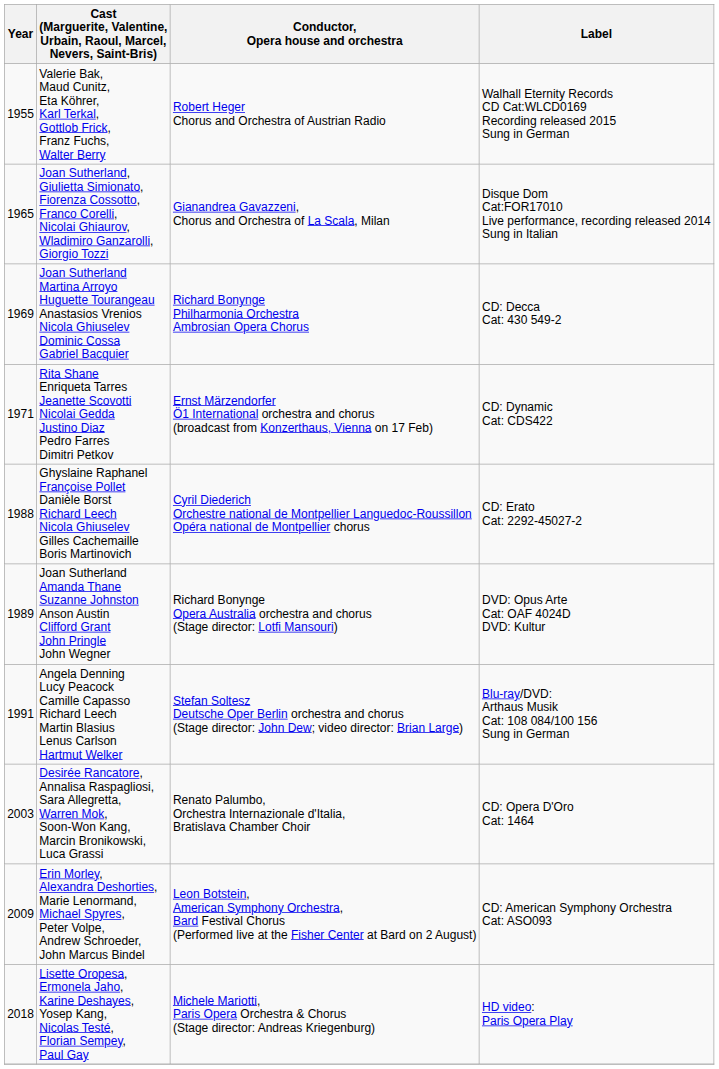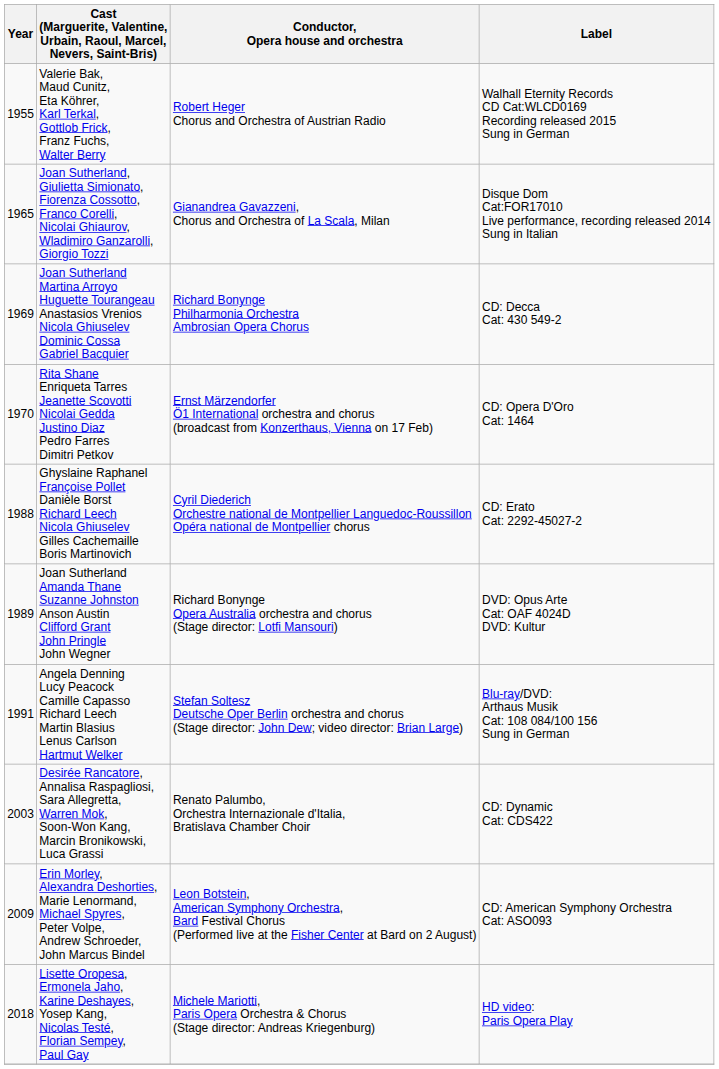 <table class="wikitable"">
 <tr>
 <th>Year</th>
 <th>Cast<br>(Marguerite, Valentine,<br>Urbain, Raoul, Marcel,<br>Nevers, Saint-Bris)</th>
 <th>Conductor,<br>Opera house and orchestra</th>
 <th>Label</th>
 </tr>
 <tr>
 <td>1955</td>
 <td>Valerie Bak,<br>Maud Cunitz,<br>Eta Köhrer,<br><a href='#'>Karl Terkal</a>,<br><a href='#'>Gottlob Frick</a>,<br>Franz Fuchs,<br><a href='#'>Walter Berry</a></td>
 <td><a href='#'>Robert Heger</a><br>Chorus and Orchestra of Austrian Radio</td>
 <td>Walhall Eternity Records<br>CD Cat:WLCD0169<br>Recording released 2015<br>Sung in German</td>
 </tr>
 <tr>
 <td>1965</td>
 <td><a href='#'>Joan Sutherland</a>,<br><a href='#'>Giulietta Simionato</a>,<br><a href='#'>Fiorenza Cossotto</a>,<br><a href='#'>Franco Corelli</a>,<br><a href='#'>Nicolai Ghiaurov</a>,<br><a href='#'>Wladimiro Ganzarolli</a>,<br><a href='#'>Giorgio Tozzi</a></td>
 <td><a href='#'>Gianandrea Gavazzeni</a>,<br>Chorus and Orchestra of <a href='#'>La Scala</a>, Milan</td>
 <td>Disque Dom<br>Cat:FOR17010<br>Live performance, recording released 2014<br>Sung in Italian</td>
 </tr>
 <tr>
 <td>1969</td>
 <td><a href='#'>Joan Sutherland</a><br><a href='#'>Martina Arroyo</a><br><a href='#'>Huguette Tourangeau</a><br>Anastasios Vrenios<br><a href='#'>Nicola Ghiuselev</a><br><a href='#'>Dominic Cossa</a><br><a href='#'>Gabriel Bacquier</a></td>
 <td><a href='#'>Richard Bonynge</a><br><a href='#'>Philharmonia Orchestra</a><br><a href='#'>Ambrosian Opera Chorus</a></td>
 <td>CD: Decca<br>Cat: 430 549-2</td>
 </tr>
 <tr>
-<td>1971</td>
+<td>1970</td>
 <td><a href='#'>Rita Shane</a><br>Enriqueta Tarres<br><a href='#'>Jeanette Scovotti</a><br><a href='#'>Nicolai Gedda</a><br><a href='#'>Justino Diaz</a><br>Pedro Farres<br>Dimitri Petkov</td>
 <td><a href='#'>Ernst Märzendorfer</a><br><a href='#'>Ö1 International</a> orchestra and chorus<br>(broadcast from <a href='#'>Konzerthaus, Vienna</a> on 17 Feb)</td>
-<td>CD: Dynamic<br> Cat: CDS422</td>
+<td>CD: Opera D'Oro<br>Cat: 1464</td>
 </tr>
 <tr>
 <td>1988</td>
 <td>Ghyslaine Raphanel<br><a href='#'>Françoise Pollet</a><br>Danièle Borst<br><a href='#'>Richard Leech</a><br><a href='#'>Nicola Ghiuselev</a><br>Gilles Cachemaille<br>Boris Martinovich</td>
 <td><a href='#'>Cyril Diederich</a><br><a href='#'>Orchestre national de Montpellier Languedoc-Roussillon</a><br><a href='#'>Opéra national de Montpellier</a> chorus</td>
 <td>CD: Erato<br>Cat: 2292-45027-2</td>
 </tr>
 <tr>
 <td>1989</td>
 <td>Joan Sutherland<br><a href='#'>Amanda Thane</a><br><a href='#'>Suzanne Johnston</a><br>Anson Austin<br><a href='#'>Clifford Grant</a><br><a href='#'>John Pringle</a><br>John Wegner</td>
 <td>Richard Bonynge<br><a href='#'>Opera Australia</a> orchestra and chorus<br>(Stage director: <a href='#'>Lotfi Mansouri</a>)</td>
 <td>DVD: Opus Arte<br>Cat: OAF 4024D<br>DVD: Kultur</td>
 </tr>
 <tr>
 <td>1991</td>
 <td>Angela Denning<br>Lucy Peacock<br>Camille Capasso<br>Richard Leech<br>Martin Blasius<br>Lenus Carlson<br><a href='#'>Hartmut Welker</a></td>
 <td><a href='#'>Stefan Soltesz</a><br><a href='#'>Deutsche Oper Berlin</a> orchestra and chorus<br>(Stage director: <a href='#'>John Dew</a>; video director: <a href='#'>Brian Large</a>)</td>
 <td><a href='#'>Blu-ray</a>/DVD:<br>Arthaus Musik<br>Cat: 108 084/100 156<br>Sung in German</td>
 </tr>
 <tr>
 <td>2003</td>
 <td><a href='#'>Desirée Rancatore</a>,<br>Annalisa Raspagliosi,<br>Sara Allegretta,<br><a href='#'>Warren Mok</a>,<br>Soon-Won Kang,<br>Marcin Bronikowski,<br>Luca Grassi</td>
 <td>Renato Palumbo,<br> Orchestra Internazionale d'Italia,<br>Bratislava Chamber Choir</td>
-<td>CD: Opera D'Oro<br>Cat: 1464</td>
+<td>CD: Dynamic<br> Cat: CDS422</td>
 </tr>
 <tr>
 <td>2009</td>
 <td><a href='#'>Erin Morley</a>,<br><a href='#'>Alexandra Deshorties</a>,<br>Marie Lenormand,<br><a href='#'>Michael Spyres</a>,<br>Peter Volpe,<br>Andrew Schroeder,<br>John Marcus Bindel</td>
 <td><a href='#'>Leon Botstein</a>,<br><a href='#'>American Symphony Orchestra</a>,<br><a href='#'>Bard</a> Festival Chorus<br>(Performed live at the <a href='#'>Fisher Center</a> at Bard on 2 August)</td>
 <td>CD: American Symphony Orchestra<br>Cat: ASO093</td>
 </tr>
 <tr>
 <td>2018</td>
 <td><a href='#'>Lisette Oropesa</a>,<br><a href='#'>Ermonela Jaho</a>,<br><a href='#'>Karine Deshayes</a>,<br>Yosep Kang,<br><a href='#'>Nicolas Testé</a>,<br><a href='#'>Florian Sempey</a>,<br><a href='#'>Paul Gay</a></td>
 <td><a href='#'>Michele Mariotti</a>,<br><a href='#'>Paris Opera</a> Orchestra & Chorus<br>(Stage director: Andreas Kriegenburg)</td>
 <td><a href='#'>HD video</a>:<br><a href='#'>Paris Opera Play</a></td>
 </tr>
 <tr>
 </tr>
 </table>
